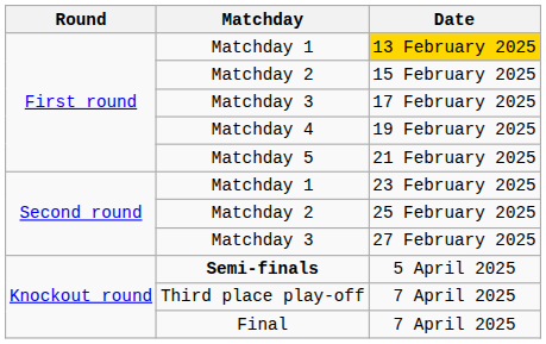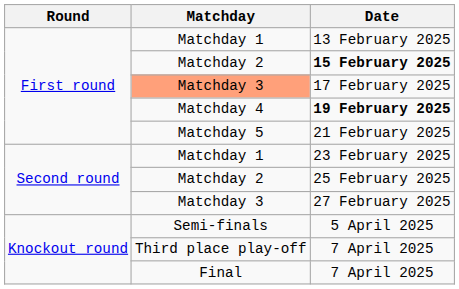 <table class="wikitable" style="text-align:center">
 <tr>
 <th>Round</th>
 <th>Matchday</th>
 <th>Date</th>
 </tr>
 <tr>
 <td rowspan="5"><a href='#'>First round</a></td>
 <td>Matchday 1</td>
-<td style="background: gold;">13 February 2025</td>
+<td>13 February 2025</td>
 </tr>
 <tr>
 <td>Matchday 2</td>
-<td>15 February 2025</td>
+<td><strong>15 February 2025</strong></td>
 </tr>
 <tr>
-<td>Matchday 3</td>
+<td style="background: lightsalmon;">Matchday 3</td>
 <td>17 February 2025</td>
 </tr>
 <tr>
 <td>Matchday 4</td>
-<td>19 February 2025</td>
+<td><strong>19 February 2025</strong></td>
 </tr>
 <tr>
 <td>Matchday 5</td>
 <td>21 February 2025</td>
 </tr>
 <tr>
 <td rowspan="3"><a href='#'>Second round</a></td>
 <td>Matchday 1</td>
 <td>23 February 2025</td>
 </tr>
 <tr>
 <td>Matchday 2</td>
 <td>25 February 2025</td>
 </tr>
 <tr>
 <td>Matchday 3</td>
 <td>27 February 2025</td>
 </tr>
 <tr>
 <td rowspan="3"><a href='#'>Knockout round</a></td>
-<td><strong>Semi-finals</strong></td>
+<td>Semi-finals</td>
 <td>5 April 2025</td>
 </tr>
 <tr>
 <td>Third place play-off</td>
 <td>7 April 2025</td>
 </tr>
 <tr>
 <td>Final</td>
 <td>7 April 2025</td>
 </tr>
 </table>
